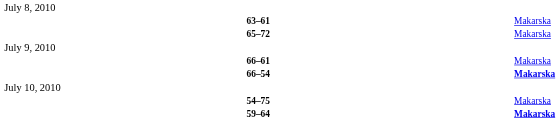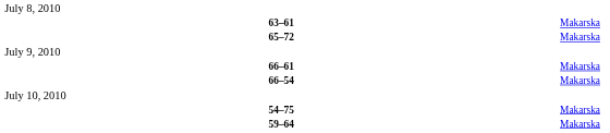 <table style="width:100%;" cellspacing="1">
 <tr>
 <th width=25%></th>
 <th width=3%></th>
 <th width=6%></th>
 <th width=3%></th>
 <th width=25%></th>
 </tr>
 <tr>
 <td>July 8, 2010</td>
 </tr>
 <tr style=font-size:90%>
 <td align=right><strong></strong></td>
 <td></td>
 <td align=center><strong>63–61</strong></td>
 <td></td>
 <td><strong></strong></td>
 <td><a href='#'>Makarska</a></td>
 </tr>
 <tr style=font-size:90%>
 <td align=right><strong></strong></td>
 <td></td>
 <td align=center><strong>65–72</strong></td>
 <td></td>
 <td><strong></strong></td>
 <td><a href='#'>Makarska</a></td>
 </tr>
 <tr>
 <td>July 9, 2010</td>
 </tr>
 <tr style=font-size:90%>
 <td align=right><strong></strong></td>
 <td></td>
 <td align=center><strong>66–61</strong></td>
 <td></td>
 <td><strong></strong></td>
 <td><a href='#'>Makarska</a></td>
 </tr>
 <tr style=font-size:90%>
 <td align=right><strong></strong></td>
 <td></td>
 <td align=center><strong>66–54</strong></td>
 <td></td>
 <td><strong></strong></td>
-<td><strong><a href='#'>Makarska</a></strong></td>
+<td><a href='#'>Makarska</a></td>
 </tr>
 <tr>
 <td>July 10, 2010</td>
 </tr>
 <tr style=font-size:90%>
 <td align=right><strong></strong></td>
 <td></td>
 <td align=center><strong>54–75</strong></td>
 <td></td>
 <td><strong></strong></td>
 <td><a href='#'>Makarska</a></td>
 </tr>
 <tr style=font-size:90%>
 <td align=right><strong></strong></td>
 <td></td>
 <td align=center><strong>59–64</strong></td>
 <td></td>
 <td><strong></strong></td>
-<td><strong><a href='#'>Makarska</a></strong></td>
+<td><a href='#'>Makarska</a></td>
 </tr>
 </table>
